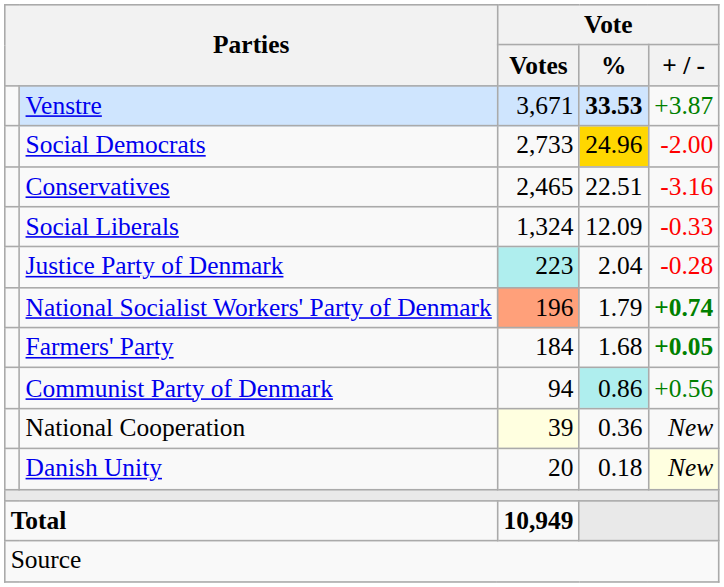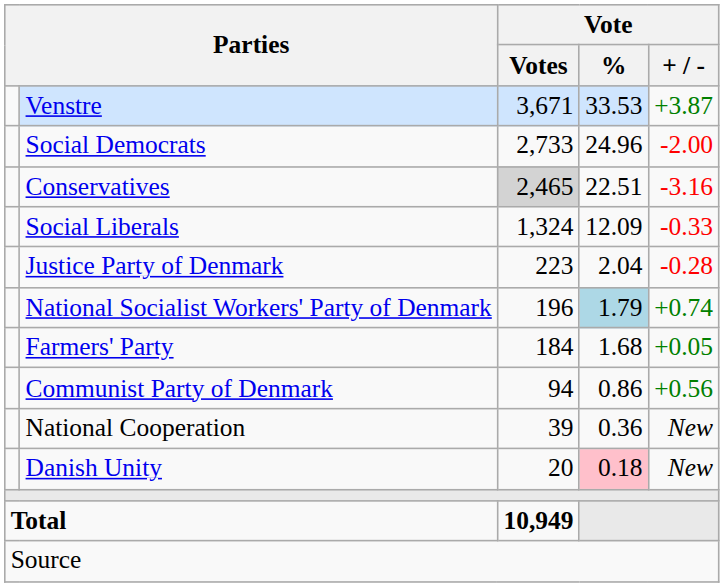 <table class="wikitable" style="text-align:right;">
 <tr>
 <th style="text-align:centre;" rowspan="2" colspan="2" width="225">Parties</th>
 <th colspan="3">Vote</th>
 </tr>
 <tr>
 <th width="15">Votes</th>
 <th width="15">%</th>
 <th width="15">+ / -</th>
 </tr>
 <tr>
 <td width="2" style="color:inherit;background:"></td>
 <td bgcolor=#cfe5fe  align="left"><a href='#'>Venstre</a></td>
 <td bgcolor=#cfe5fe>3,671</td>
-<td bgcolor=#cfe5fe><strong>33.53</strong></td>
+<td bgcolor=#cfe5fe>33.53</td>
 <td style=color:green;>+3.87</td>
 </tr>
 <tr>
 <td width="2" style="color:inherit;background:"></td>
 <td align="left"><a href='#'>Social Democrats</a></td>
 <td>2,733</td>
-<td style="background: gold;">24.96</td>
+<td>24.96</td>
 <td style=color:red;>-2.00</td>
 </tr>
 <tr>
 <td width="2" style="color:inherit;background:"></td>
 <td align="left"><a href='#'>Conservatives</a></td>
-<td>2,465</td>
+<td style="background: lightgrey;">2,465</td>
 <td>22.51</td>
 <td style=color:red;>-3.16</td>
 </tr>
 <tr>
 <td width="2" style="color:inherit;background:"></td>
 <td align="left"><a href='#'>Social Liberals</a></td>
 <td>1,324</td>
 <td>12.09</td>
 <td style=color:red;>-0.33</td>
 </tr>
 <tr>
 <td width="2" style="color:inherit;background:"></td>
 <td align="left"><a href='#'>Justice Party of Denmark</a></td>
-<td style="background: paleturquoise;">223</td>
+<td>223</td>
 <td>2.04</td>
 <td style=color:red;>-0.28</td>
 </tr>
 <tr>
 <td width="2" style="color:inherit;background:"></td>
 <td align="left"><a href='#'>National Socialist Workers' Party of Denmark</a></td>
-<td style="background: lightsalmon;">196</td>
-<td>1.79</td>
-<td style=color:green;><strong>+0.74</strong></td>
+<td>196</td>
+<td style="background: lightblue;">1.79</td>
+<td style=color:green;>+0.74</td>
 </tr>
 <tr>
 <td width="2" style="color:inherit;background:"></td>
 <td align="left"><a href='#'>Farmers' Party</a></td>
 <td>184</td>
 <td>1.68</td>
-<td style=color:green;><strong>+0.05</strong></td>
+<td style=color:green;>+0.05</td>
 </tr>
 <tr>
 <td width="2" style="color:inherit;background:"></td>
 <td align="left"><a href='#'>Communist Party of Denmark</a></td>
 <td>94</td>
-<td style="background: paleturquoise;">0.86</td>
+<td>0.86</td>
 <td style=color:green;>+0.56</td>
 </tr>
 <tr>
 <td width="2" style="color:inherit;background:"></td>
 <td align="left">National Cooperation</td>
-<td style="background: lightyellow;">39</td>
+<td>39</td>
 <td>0.36</td>
 <td><em>New</em></td>
 </tr>
 <tr>
 <td width="2" style="color:inherit;background:"></td>
 <td align="left"><a href='#'>Danish Unity</a></td>
 <td>20</td>
-<td>0.18</td>
-<td style="background: lightyellow;"><em>New</em></td>
+<td style="background: pink;">0.18</td>
+<td><em>New</em></td>
 </tr>
 <tr>
 <td colspan="7" bgcolor="#E9E9E9"></td>
 </tr>
 <tr>
 <td align="left" colspan="2"><strong>Total</strong></td>
 <td><strong>10,949</strong></td>
 <td bgcolor="#E9E9E9" colspan="2"></td>
 </tr>
 <tr>
 <td align="left" colspan="6">Source</td>
 </tr>
 </table>
